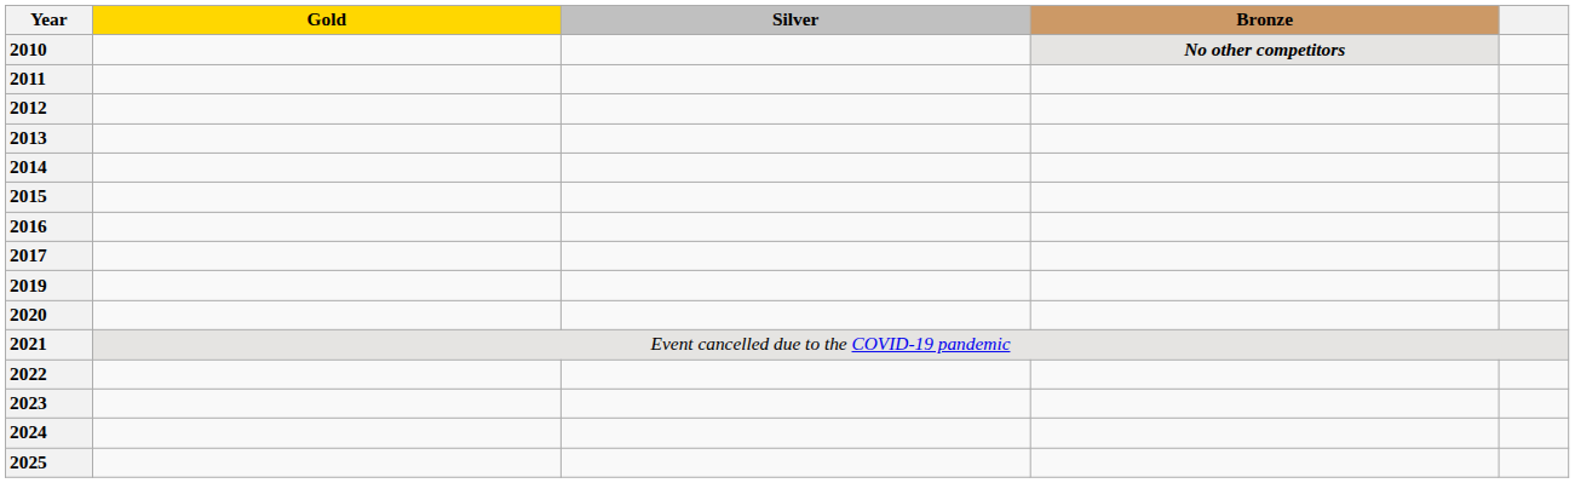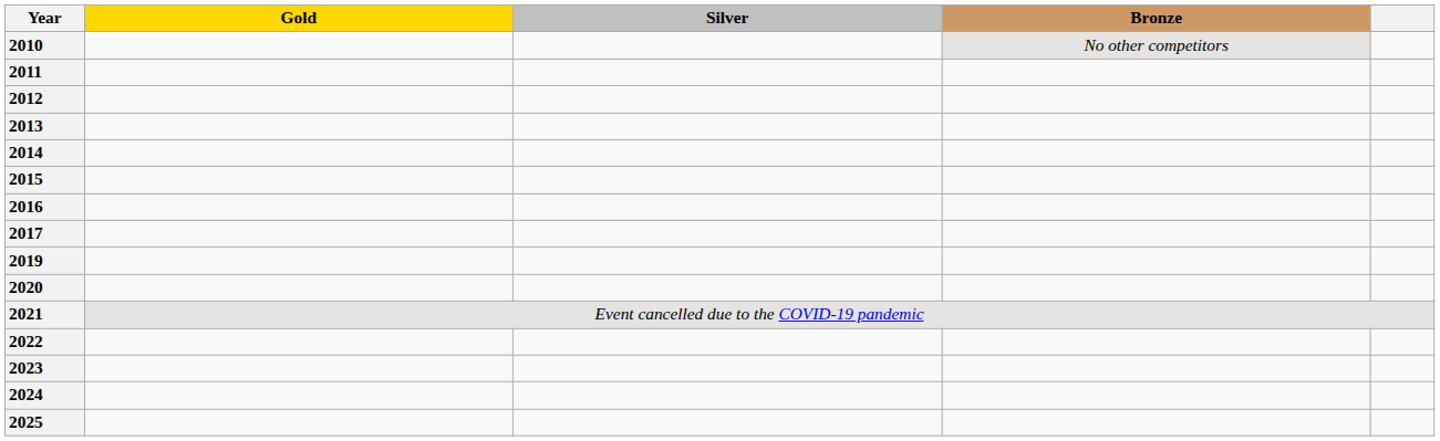 <table class="wikitable unsortable" style="text-align:left; width:85%">
 <tr>
 <th scope="col" style="text-align:center">Year</th>
 <td scope="col" style="text-align:center; width:30%; background:gold"><strong>Gold</strong></td>
 <td scope="col" style="text-align:center; width:30%; background:silver"><strong>Silver</strong></td>
 <td scope="col" style="text-align:center; width:30%; background:#c96"><strong>Bronze</strong></td>
 <th scope="col" style="text-align:center"></th>
 </tr>
 <tr>
 <th scope="row" style="text-align:left">2010</th>
 <td></td>
 <td></td>
-<td align="center" bgcolor="e5e4e2"><strong><em>No other competitors</em></strong></td>
+<td align="center" bgcolor="e5e4e2"><em>No other competitors</em></td>
 <td></td>
 </tr>
 <tr>
 <th scope="row" style="text-align:left">2011</th>
 <td></td>
 <td></td>
 <td></td>
 <td></td>
 </tr>
 <tr>
 <th scope="row" style="text-align:left">2012</th>
 <td></td>
 <td></td>
 <td></td>
 <td></td>
 </tr>
 <tr>
 <th scope="row" style="text-align:left">2013</th>
 <td></td>
 <td></td>
 <td></td>
 <td></td>
 </tr>
 <tr>
 <th scope="row" style="text-align:left">2014</th>
 <td></td>
 <td></td>
 <td></td>
 <td></td>
 </tr>
 <tr>
 <th scope="row" style="text-align:left">2015</th>
 <td></td>
 <td></td>
 <td></td>
 <td></td>
 </tr>
 <tr>
 <th scope="row" style="text-align:left">2016</th>
 <td></td>
 <td></td>
 <td></td>
 <td></td>
 </tr>
 <tr>
 <th scope="row" style="text-align:left">2017</th>
 <td></td>
 <td></td>
 <td></td>
 <td></td>
 </tr>
 <tr>
 <th scope="row" style="text-align:left">2019</th>
 <td></td>
 <td></td>
 <td></td>
 <td></td>
 </tr>
 <tr>
 <th scope="row" style="text-align:left">2020</th>
 <td></td>
 <td></td>
 <td></td>
 <td></td>
 </tr>
 <tr>
 <th scope="row" style="text-align:left">2021</th>
 <td colspan="4" align="center" bgcolor="e5e4e2"><em>Event cancelled due to the <a href='#'>COVID-19 pandemic</a></em></td>
 </tr>
 <tr>
 <th scope="row" style="text-align:left">2022</th>
 <td></td>
 <td></td>
 <td></td>
 <td></td>
 </tr>
 <tr>
 <th scope="row" style="text-align:left">2023</th>
 <td></td>
 <td></td>
 <td></td>
 <td></td>
 </tr>
 <tr>
 <th scope="row" style="text-align:left">2024</th>
 <td></td>
 <td></td>
 <td></td>
 <td></td>
 </tr>
 <tr>
 <th scope="row" style="text-align:left">2025</th>
 <td></td>
 <td></td>
 <td></td>
 <td></td>
 </tr>
 </table>
